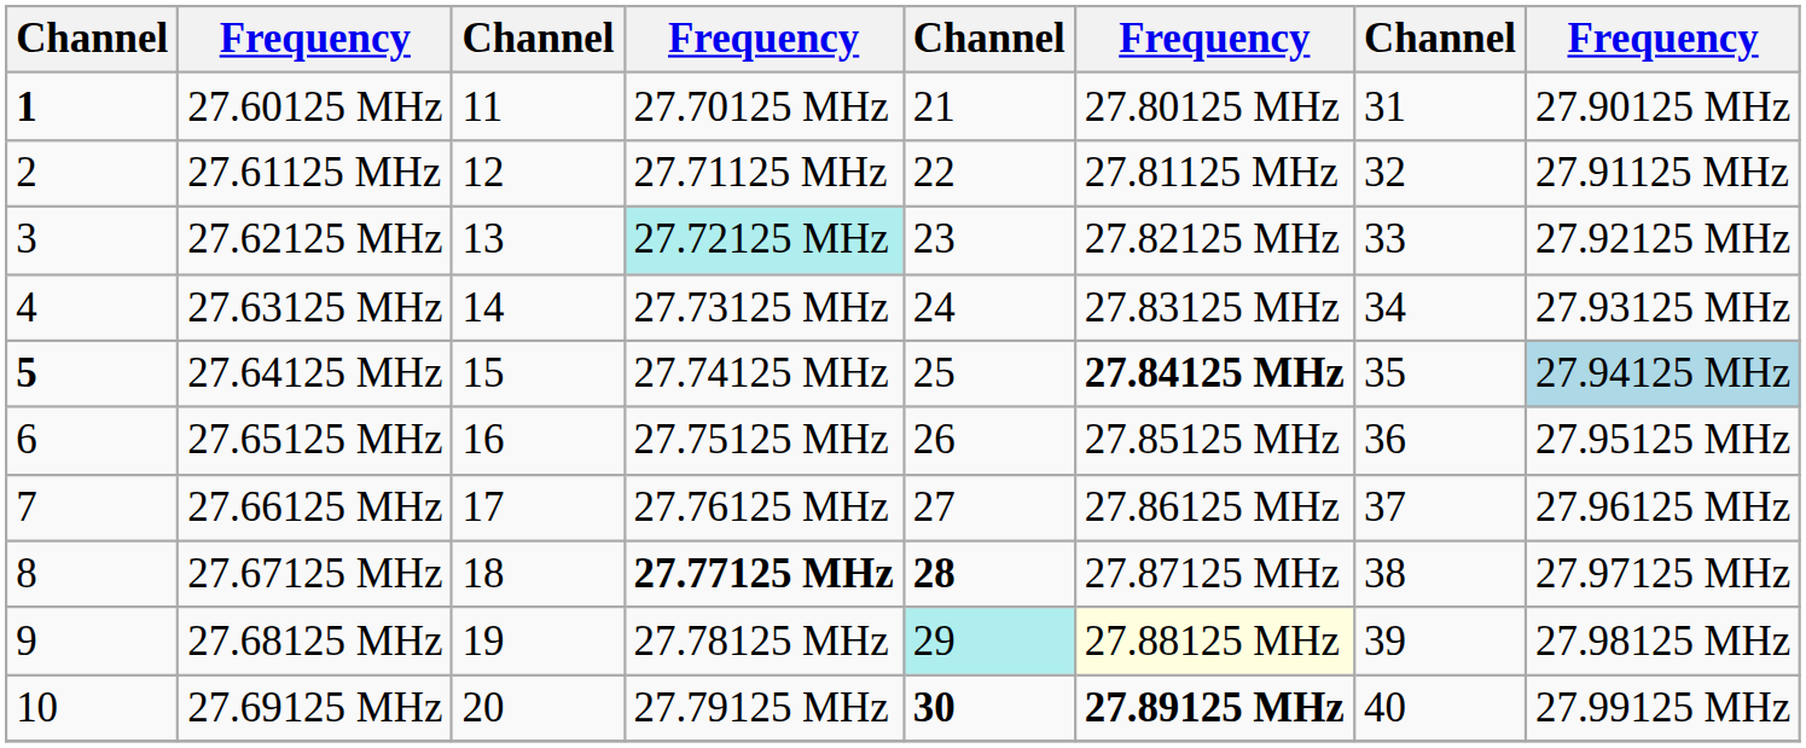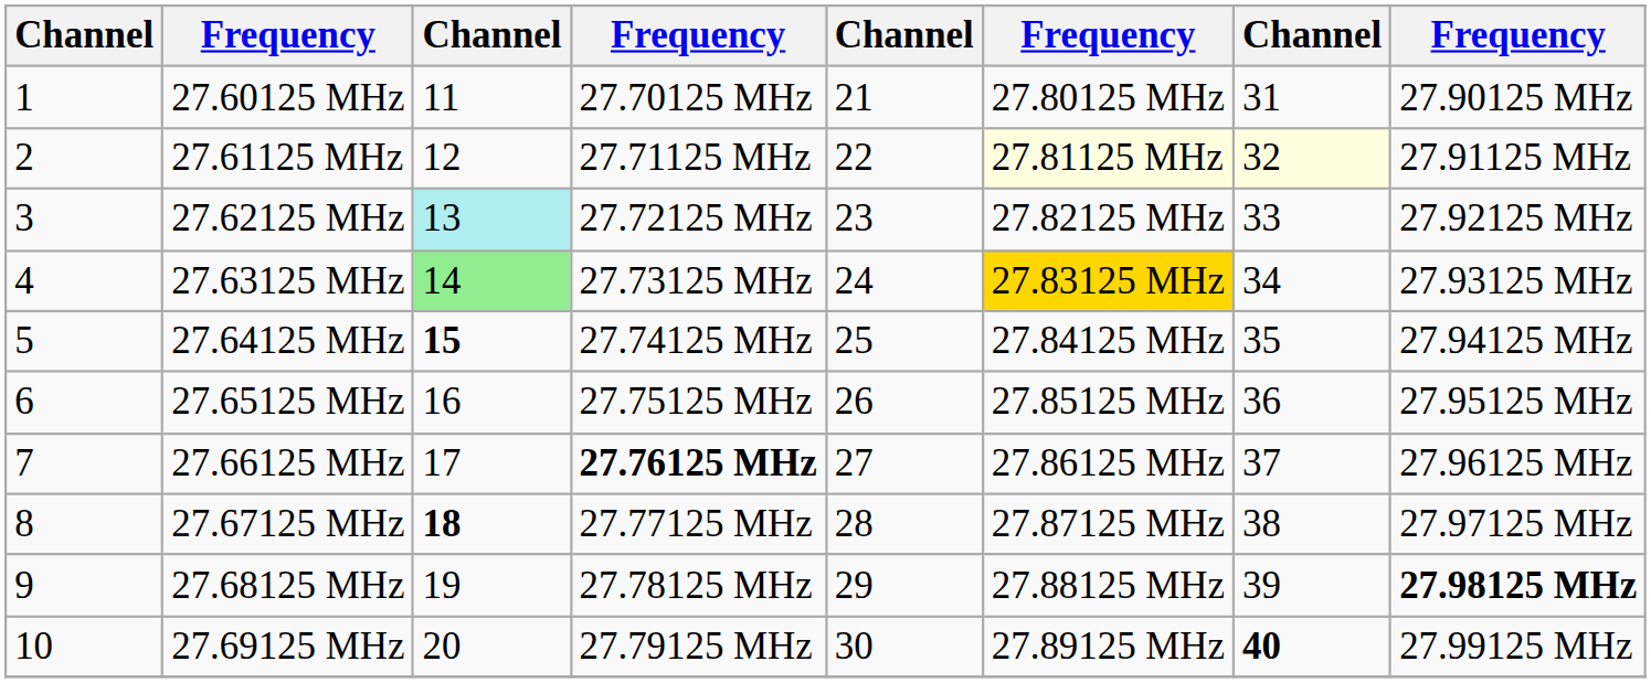 <table class="wikitable" border="1" text-align="center" align="center">
 <tr>
 <th>Channel</th>
 <th><a href='#'>Frequency</a></th>
 <th>Channel</th>
 <th><a href='#'>Frequency</a></th>
 <th>Channel</th>
 <th><a href='#'>Frequency</a></th>
 <th>Channel</th>
 <th><a href='#'>Frequency</a></th>
 </tr>
 <tr>
-<td><strong>1</strong></td>
+<td>1</td>
 <td>27.60125 MHz</td>
 <td>11</td>
 <td>27.70125 MHz</td>
 <td>21</td>
 <td>27.80125 MHz</td>
 <td>31</td>
 <td>27.90125 MHz</td>
 </tr>
 <tr>
 <td>2</td>
 <td>27.61125 MHz</td>
 <td>12</td>
 <td>27.71125 MHz</td>
 <td>22</td>
-<td>27.81125 MHz</td>
-<td>32</td>
+<td style="background: lightyellow;">27.81125 MHz</td>
+<td style="background: lightyellow;">32</td>
 <td>27.91125 MHz</td>
 </tr>
 <tr>
 <td>3</td>
 <td>27.62125 MHz</td>
-<td>13</td>
-<td style="background: paleturquoise;">27.72125 MHz</td>
+<td style="background: paleturquoise;">13</td>
+<td>27.72125 MHz</td>
 <td>23</td>
 <td>27.82125 MHz</td>
 <td>33</td>
 <td>27.92125 MHz</td>
 </tr>
 <tr>
 <td>4</td>
 <td>27.63125 MHz</td>
-<td>14</td>
+<td style="background: lightgreen;">14</td>
 <td>27.73125 MHz</td>
 <td>24</td>
-<td>27.83125 MHz</td>
+<td style="background: gold;">27.83125 MHz</td>
 <td>34</td>
 <td>27.93125 MHz</td>
 </tr>
 <tr>
-<td><strong>5</strong></td>
+<td>5</td>
 <td>27.64125 MHz</td>
-<td>15</td>
+<td><strong>15</strong></td>
 <td>27.74125 MHz</td>
 <td>25</td>
-<td><strong>27.84125 MHz</strong></td>
+<td>27.84125 MHz</td>
 <td>35</td>
-<td style="background: lightblue;">27.94125 MHz</td>
+<td>27.94125 MHz</td>
 </tr>
 <tr>
 <td>6</td>
 <td>27.65125 MHz</td>
 <td>16</td>
 <td>27.75125 MHz</td>
 <td>26</td>
 <td>27.85125 MHz</td>
 <td>36</td>
 <td>27.95125 MHz</td>
 </tr>
 <tr>
 <td>7</td>
 <td>27.66125 MHz</td>
 <td>17</td>
-<td>27.76125 MHz</td>
+<td><strong>27.76125 MHz</strong></td>
 <td>27</td>
 <td>27.86125 MHz</td>
 <td>37</td>
 <td>27.96125 MHz</td>
 </tr>
 <tr>
 <td>8</td>
 <td>27.67125 MHz</td>
-<td>18</td>
-<td><strong>27.77125 MHz</strong></td>
-<td><strong>28</strong></td>
+<td><strong>18</strong></td>
+<td>27.77125 MHz</td>
+<td>28</td>
 <td>27.87125 MHz</td>
 <td>38</td>
 <td>27.97125 MHz</td>
 </tr>
 <tr>
 <td>9</td>
 <td>27.68125 MHz</td>
 <td>19</td>
 <td>27.78125 MHz</td>
-<td style="background: paleturquoise;">29</td>
-<td style="background: lightyellow;">27.88125 MHz</td>
+<td>29</td>
+<td>27.88125 MHz</td>
 <td>39</td>
-<td>27.98125 MHz</td>
+<td><strong>27.98125 MHz</strong></td>
 </tr>
 <tr>
 <td>10</td>
 <td>27.69125 MHz</td>
 <td>20</td>
 <td>27.79125 MHz</td>
-<td><strong>30</strong></td>
-<td><strong>27.89125 MHz</strong></td>
-<td>40</td>
+<td>30</td>
+<td>27.89125 MHz</td>
+<td><strong>40</strong></td>
 <td>27.99125 MHz</td>
 </tr>
 <tr>
 </tr>
 </table>
